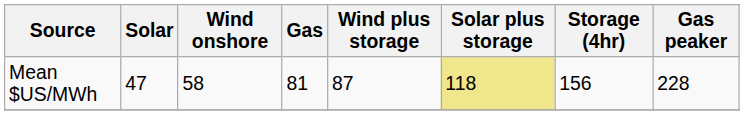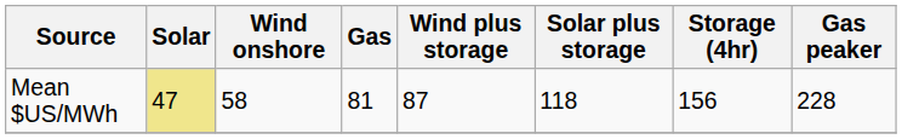 <table class="wikitable">
 <tr>
 <th>Source</th>
 <th>Solar</th>
 <th>Wind onshore</th>
 <th>Gas <a href='#'></a></th>
 <th>Wind plus storage</th>
 <th>Solar plus storage</th>
 <th>Storage (4hr)</th>
 <th>Gas peaker</th>
 </tr>
 <tr>
 <td>Mean $US/MWh</td>
-<td>47</td>
+<td style="background: khaki;">47</td>
 <td>58</td>
 <td>81</td>
 <td>87</td>
-<td style="background: khaki;">118</td>
+<td>118</td>
 <td>156</td>
 <td>228</td>
 </tr>
 <tr>
 </tr>
 </table>
